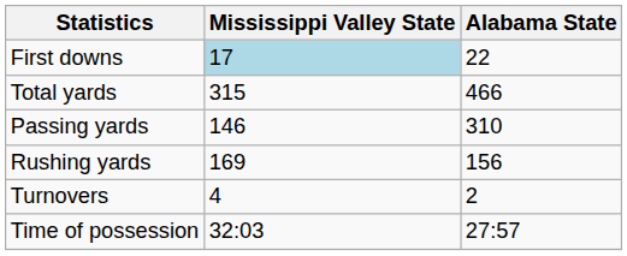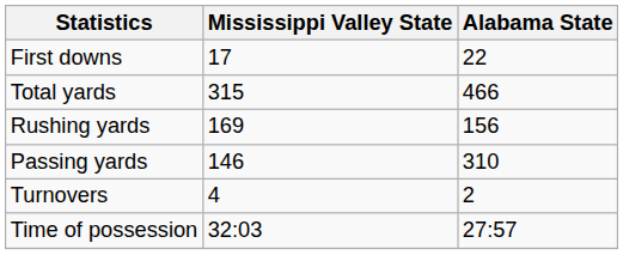 <table class="wikitable">
 <tr>
 <th>Statistics</th>
 <th>Mississippi Valley State</th>
 <th>Alabama State</th>
 </tr>
 <tr>
 <td>First downs</td>
-<td style="background: lightblue;">17</td>
+<td>17</td>
 <td>22</td>
 </tr>
 <tr>
 <td>Total yards</td>
 <td>315</td>
 <td>466</td>
 </tr>
 <tr>
+<td>Rushing yards</td>
+<td>169</td>
+<td>156</td>
+</tr>
+<tr>
 <td>Passing yards</td>
 <td>146</td>
 <td>310</td>
-</tr>
-<tr>
-<td>Rushing yards</td>
-<td>169</td>
-<td>156</td>
 </tr>
 <tr>
 <td>Turnovers</td>
 <td>4</td>
 <td>2</td>
 </tr>
 <tr>
 <td>Time of possession</td>
 <td>32:03</td>
 <td>27:57</td>
 </tr>
 <tr>
 </tr>
 </table>
